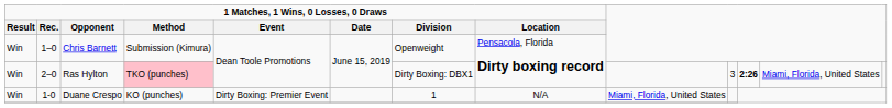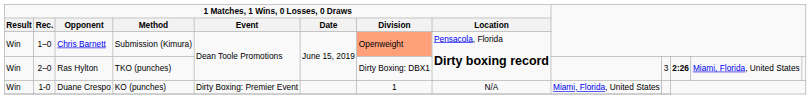 <table class="wikitable sortable" style="font-size:80%; text-align:left;">
 <tr>
 <td colspan=8 style="text-align:center;"><strong>1 Matches, 1 Wins, 0 Losses, 0 Draws</strong></td>
 </tr>
 <tr>
 <th>Result</th>
 <th>Rec.</th>
 <th>Opponent</th>
 <th>Method</th>
 <th text-center>Event</th>
 <th>Date</th>
 <th>Division</th>
 <th>Location</th>
 </tr>
 <tr>
 <td>Win</td>
 <td align=center>1–0</td>
 <td> <a href='#'>Chris Barnett</a></td>
 <td>Submission (Kimura)</td>
 <td rowspan=2>Dean Toole Promotions</td>
 <td rowspan=2>June 15, 2019</td>
-<td>Openweight</td>
+<td style="background: lightsalmon;">Openweight</td>
 <td rowspan=2> <a href='#'>Pensacola</a>, Florida<br> <h2>Dirty boxing record</h2> </td>
 </tr>
 <tr>
 <td>Win</td>
 <td align=center>2–0</td>
 <td>Ras Hylton</td>
-<td style="background: pink;">TKO (punches)</td>
+<td>TKO (punches)</td>
 <td>Dirty Boxing: DBX1</td>
 <td></td>
 <td align=center>3</td>
 <td align=center><strong>2:26</strong></td>
 <td><a href='#'>Miami, Florida</a>, United States</td>
 <td></td>
 </tr>
 <tr>
 <td>Win</td>
 <td align=center>1-0</td>
 <td>Duane Crespo</td>
 <td>KO (punches)</td>
 <td>Dirty Boxing: Premier Event</td>
 <td></td>
 <td align=center>1</td>
 <td align=center>N/A</td>
 <td><a href='#'>Miami, Florida</a>, United States</td>
 <td></td>
 </tr>
 <tr>
 </tr>
 </table>
